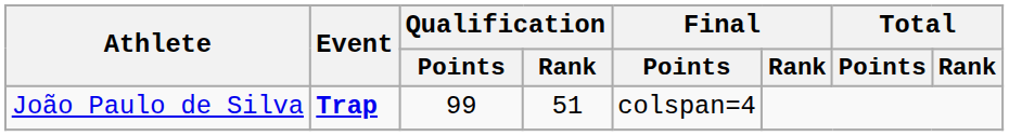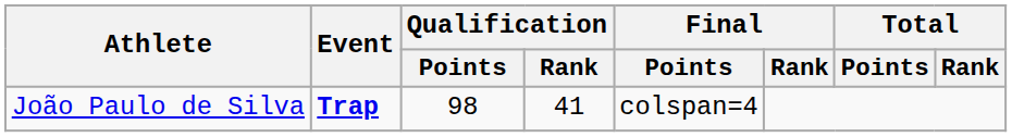 <table class=wikitable style=font-size:90%;text-align:center>
 <tr>
 <th rowspan=2>Athlete</th>
 <th rowspan=2>Event</th>
 <th colspan=2>Qualification</th>
 <th colspan=2>Final</th>
 <th colspan=2>Total</th>
 </tr>
 <tr style=font-size:95%>
 <th>Points</th>
 <th>Rank</th>
 <th>Points</th>
 <th>Rank</th>
 <th>Points</th>
 <th>Rank</th>
 </tr>
 <tr>
 <td align=left><a href='#'>João Paulo de Silva</a></td>
 <td align=left><strong><a href='#'>Trap</a></strong></td>
-<td>99</td>
-<td>51</td>
+<td>98</td>
+<td>41</td>
 <td>colspan=4 </td>
 </tr>
 </table>
